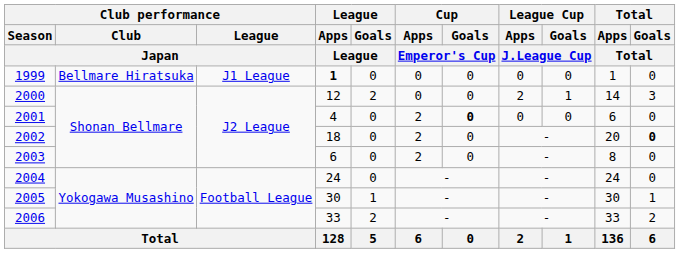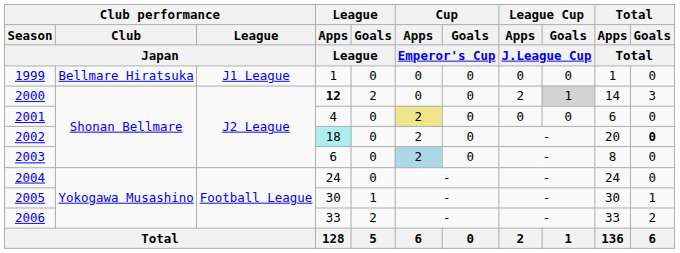 <table class="wikitable" style="text-align:center;">
 <tr>
 <th colspan=3>Club performance</th>
 <th colspan=2>League</th>
 <th colspan=2>Cup</th>
 <th colspan=2>League Cup</th>
 <th colspan=2>Total</th>
 </tr>
 <tr>
 <th>Season</th>
 <th>Club</th>
 <th>League</th>
 <th>Apps</th>
 <th>Goals</th>
 <th>Apps</th>
 <th>Goals</th>
 <th>Apps</th>
 <th>Goals</th>
 <th>Apps</th>
 <th>Goals</th>
 </tr>
 <tr>
 <th colspan=3>Japan</th>
 <th colspan=2>League</th>
 <th colspan=2><a href='#'>Emperor's Cup</a></th>
 <th colspan=2><a href='#'>J.League Cup</a></th>
 <th colspan=2>Total</th>
 </tr>
 <tr>
 <td><a href='#'>1999</a></td>
 <td><a href='#'>Bellmare Hiratsuka</a></td>
 <td><a href='#'>J1 League</a></td>
-<td><strong>1</strong></td>
+<td>1</td>
 <td>0</td>
 <td>0</td>
 <td>0</td>
 <td>0</td>
 <td>0</td>
 <td>1</td>
 <td>0</td>
 </tr>
 <tr>
 <td><a href='#'>2000</a></td>
 <td rowspan="4"><a href='#'>Shonan Bellmare</a></td>
 <td rowspan="4"><a href='#'>J2 League</a></td>
-<td>12</td>
+<td><strong>12</strong></td>
 <td>2</td>
 <td>0</td>
 <td>0</td>
 <td>2</td>
-<td>1</td>
+<td style="background: lightgrey;">1</td>
 <td>14</td>
 <td>3</td>
 </tr>
 <tr>
 <td><a href='#'>2001</a></td>
 <td>4</td>
 <td>0</td>
-<td>2</td>
-<td><strong>0</strong></td>
+<td style="background: khaki;">2</td>
+<td>0</td>
 <td>0</td>
 <td>0</td>
 <td>6</td>
 <td>0</td>
 </tr>
 <tr>
 <td><a href='#'>2002</a></td>
-<td>18</td>
+<td style="background: paleturquoise;">18</td>
 <td>0</td>
 <td>2</td>
 <td>0</td>
 <td colspan="2">-</td>
 <td>20</td>
 <td><strong>0</strong></td>
 </tr>
 <tr>
 <td><a href='#'>2003</a></td>
 <td>6</td>
 <td>0</td>
-<td>2</td>
+<td style="background: lightblue;">2</td>
 <td>0</td>
 <td colspan="2">-</td>
 <td>8</td>
 <td>0</td>
 </tr>
 <tr>
 <td><a href='#'>2004</a></td>
 <td rowspan="3"><a href='#'>Yokogawa Musashino</a></td>
 <td rowspan="3"><a href='#'>Football League</a></td>
 <td>24</td>
 <td>0</td>
 <td colspan="2">-</td>
 <td colspan="2">-</td>
 <td>24</td>
 <td>0</td>
 </tr>
 <tr>
 <td><a href='#'>2005</a></td>
 <td>30</td>
 <td>1</td>
 <td colspan="2">-</td>
 <td colspan="2">-</td>
 <td>30</td>
 <td>1</td>
 </tr>
 <tr>
 <td><a href='#'>2006</a></td>
 <td>33</td>
 <td>2</td>
 <td colspan="2">-</td>
 <td colspan="2">-</td>
 <td>33</td>
 <td>2</td>
 </tr>
 <tr>
 <th colspan=3>Total</th>
 <th>128</th>
 <th>5</th>
 <th>6</th>
 <th>0</th>
 <th>2</th>
 <th>1</th>
 <th>136</th>
 <th>6</th>
 </tr>
 </table>
